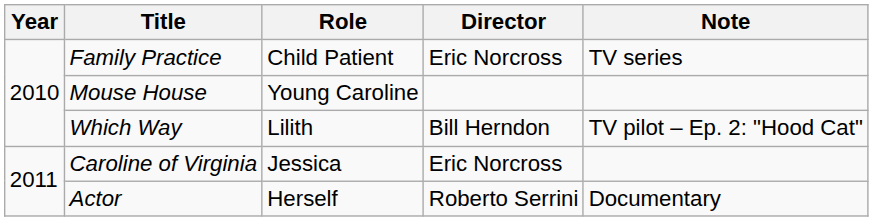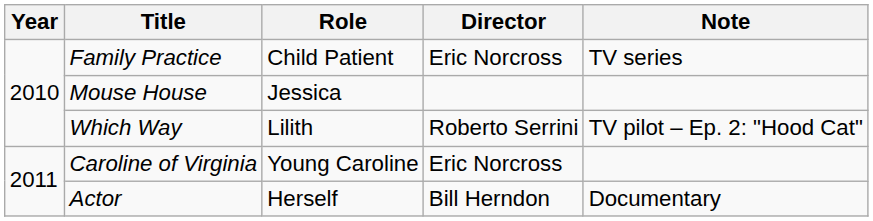 <table - class="wikitable">
 <tr>
 <th>Year</th>
 <th>Title</th>
 <th>Role</th>
 <th>Director</th>
 <th>Note</th>
 </tr>
 <tr>
 <td rowspan="3">2010</td>
 <td><em>Family Practice</em></td>
 <td>Child Patient</td>
 <td>Eric Norcross</td>
 <td>TV series</td>
 </tr>
 <tr>
 <td><em>Mouse House</em></td>
-<td>Young Caroline</td>
+<td>Jessica</td>
 <td></td>
 <td></td>
 </tr>
 <tr>
 <td><em>Which Way</em></td>
 <td>Lilith</td>
-<td>Bill Herndon</td>
+<td>Roberto Serrini</td>
 <td>TV pilot – Ep. 2: "Hood Cat"</td>
 </tr>
 <tr>
 <td rowspan="2">2011</td>
 <td><em>Caroline of Virginia</em></td>
-<td>Jessica</td>
+<td>Young Caroline</td>
 <td>Eric Norcross</td>
 </tr>
 <tr>
 <td><em>Actor</em></td>
 <td>Herself</td>
-<td>Roberto Serrini</td>
+<td>Bill Herndon</td>
 <td>Documentary</td>
 </tr>
 </table>
